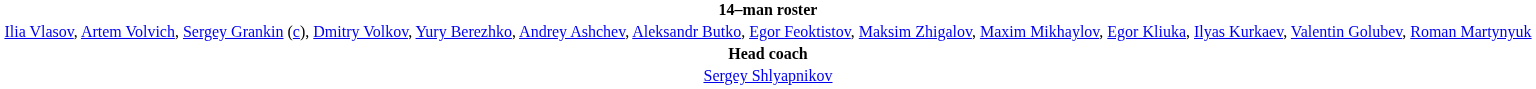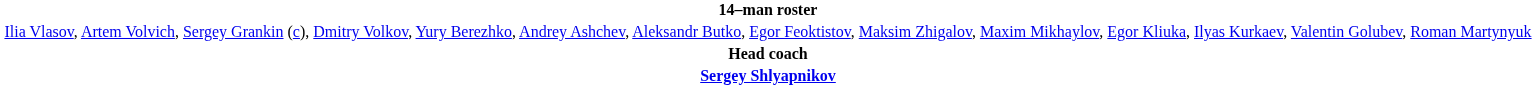 <table style="text-align:center; margin-top:2em; margin-left:auto; margin-right:auto">
 <tr>
 <td><strong>14–man roster</strong></td>
 </tr>
 <tr>
 <td><a href='#'>Ilia Vlasov</a>, <a href='#'>Artem Volvich</a>, <a href='#'>Sergey Grankin</a> (<a href='#'>c</a>), <a href='#'>Dmitry Volkov</a>, <a href='#'>Yury Berezhko</a>, <a href='#'>Andrey Ashchev</a>, <a href='#'>Aleksandr Butko</a>, <a href='#'>Egor Feoktistov</a>, <a href='#'>Maksim Zhigalov</a>, <a href='#'>Maxim Mikhaylov</a>, <a href='#'>Egor Kliuka</a>, <a href='#'>Ilyas Kurkaev</a>, <a href='#'>Valentin Golubev</a>, <a href='#'>Roman Martynyuk</a></td>
 </tr>
 <tr>
 <td><strong>Head coach</strong></td>
 </tr>
 <tr>
-<td><a href='#'>Sergey Shlyapnikov</a></td>
+<td><strong><a href='#'>Sergey Shlyapnikov</a></strong></td>
 </tr>
 </table>
